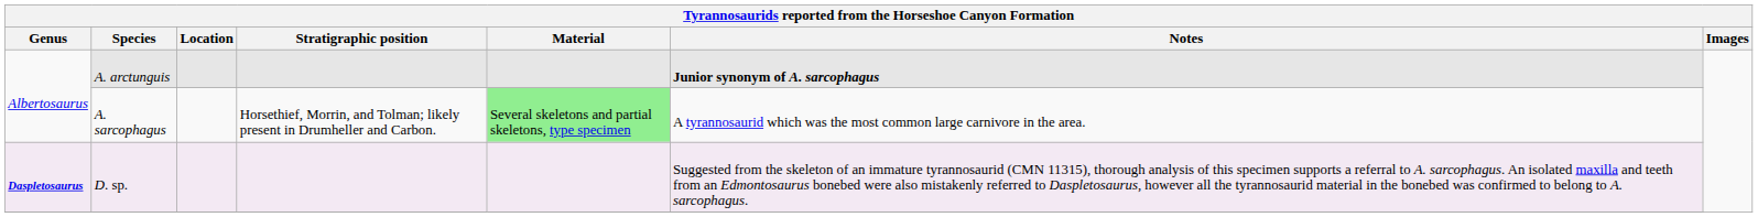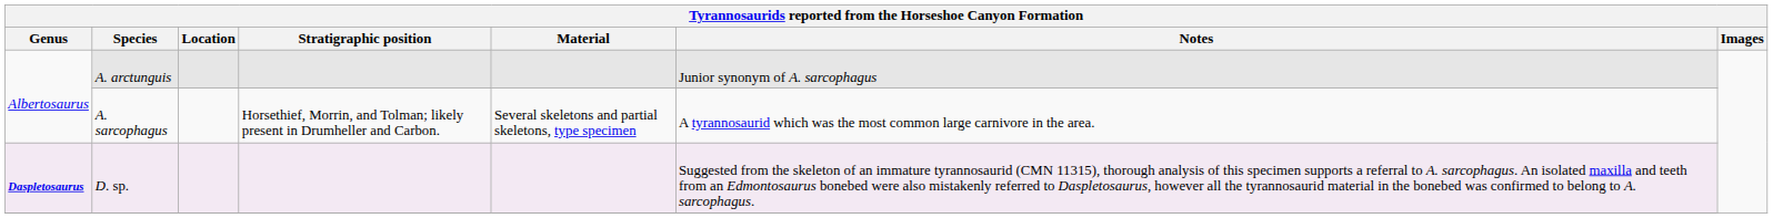 <table class="wikitable" align="center" width="100%">
 <tr>
 <th colspan="7" align="center"><strong><a href='#'>Tyrannosaurids</a> reported from the Horseshoe Canyon Formation</strong></th>
 </tr>
 <tr>
 <th>Genus</th>
 <th>Species</th>
 <th>Location</th>
 <th>Stratigraphic position</th>
 <th>Material</th>
 <th>Notes</th>
 <th>Images</th>
 </tr>
 <tr>
 <td rowspan=2><br><em><a href='#'>Albertosaurus</a></em></td>
 <td style="background:#E6E6E6;"><br><em>A. arctunguis</em></td>
 <td style="background:#E6E6E6;"></td>
 <td style="background:#E6E6E6;"></td>
 <td style="background:#E6E6E6;"></td>
-<td style="background:#E6E6E6;"><strong><br>Junior synonym of <em>A. sarcophagus</em></strong></td>
+<td style="background:#E6E6E6;"><br>Junior synonym of <em>A. sarcophagus</em></td>
 <td rowspan="99"><br></td>
 </tr>
 <tr>
 <td><br><em>A. sarcophagus</em></td>
 <td></td>
 <td><br>Horsethief, Morrin, and Tolman; likely present in Drumheller and Carbon.</td>
-<td style="background: lightgreen;"><br>Several skeletons and partial skeletons, <a href='#'>type specimen</a></td>
+<td><br>Several skeletons and partial skeletons, <a href='#'>type specimen</a></td>
 <td><br>A <a href='#'>tyrannosaurid</a> which was the most common large carnivore in the area.</td>
 </tr>
 <tr>
 <td style="background:#f3e9f3;"><strong><br><small><em><a href='#'>Daspletosaurus</a></em></small></strong></td>
 <td style="background:#f3e9f3;"><br><em>D</em>. sp.</td>
 <td style="background:#f3e9f3;"></td>
 <td style="background:#f3e9f3;"></td>
 <td style="background:#f3e9f3;"></td>
 <td style="background:#f3e9f3;"><br>Suggested from the skeleton of an immature tyrannosaurid (CMN 11315), thorough analysis of this specimen supports a referral to <em>A. sarcophagus</em>. An isolated <a href='#'>maxilla</a> and teeth from an <em>Edmontosaurus</em> bonebed were also mistakenly referred to <em>Daspletosaurus</em>, however all the tyrannosaurid material in the bonebed was confirmed to belong to <em>A. sarcophagus</em>.</td>
 </tr>
 <tr>
 </tr>
 </table>
